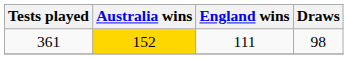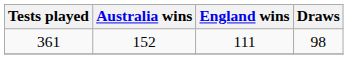 <table class=wikitable style="text-align:center">
 <tr>
 <th scope="col">Tests played</th>
 <th scope="col"> <a href='#'>Australia</a> wins</th>
 <th scope="col"> <a href='#'>England</a> wins</th>
 <th scope="col">Draws</th>
 </tr>
 <tr>
 <td>361</td>
-<td style="background: gold;">152</td>
+<td>152</td>
 <td>111</td>
 <td>98</td>
 </tr>
 <tr>
 </tr>
 </table>
